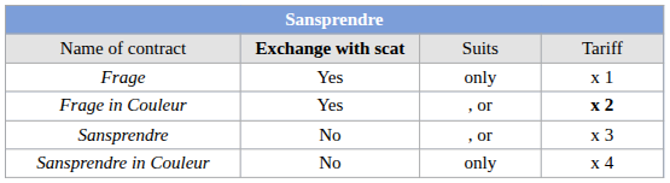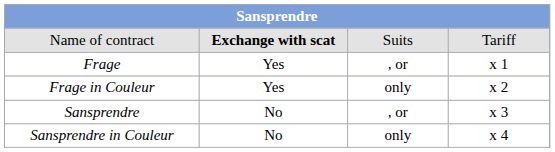 <table class="wikitable" style="float: middle; background: #7C9ED9; margin-left: 1em; border-spacing: 1px;">
 <tr align="center">
 <td style="background: #7C9ED9;color:white;" colspan="4"><strong>Sansprendre</strong></td>
 </tr>
 <tr align="center">
 <td style="width: 200px; background: #e3e3e3;">Name of contract</td>
 <td style="width: 150px; background: #e3e3e3;"><strong>Exchange with scat</strong></td>
 <td style="width: 100px; background: #e3e3e3;">Suits</td>
 <td style="width: 100px; background: #e3e3e3;">Tariff</td>
 </tr>
 <tr align="center">
 <td style="background: #ffffff;"><em>Frage</em></td>
 <td style="background: #ffffff;">Yes</td>
-<td style="background: #ffffff;"> only</td>
+<td style="background: #ffffff;">,  or </td>
 <td style="background: #ffffff;">x 1</td>
 </tr>
 <tr align="center">
 <td style="background: #ffffff;"><em>Frage in Couleur</em></td>
 <td style="background: #ffffff;">Yes</td>
-<td style="background: #ffffff;">,  or </td>
-<td style="background: #ffffff;"><strong>x 2</strong></td>
+<td style="background: #ffffff;"> only</td>
+<td style="background: #ffffff;">x 2</td>
 </tr>
 <tr align="center">
 <td style="background: #ffffff;"><em>Sansprendre</em></td>
 <td style="background: #ffffff;">No</td>
 <td style="background: #ffffff;">,  or </td>
 <td style="background: #ffffff;">x 3</td>
 </tr>
 <tr align="center">
 <td style="background: #ffffff;"><em>Sansprendre in Couleur</em></td>
 <td style="background: #ffffff;">No</td>
 <td style="background: #ffffff;"> only</td>
 <td style="background: #ffffff;">x 4</td>
 </tr>
 </table>
